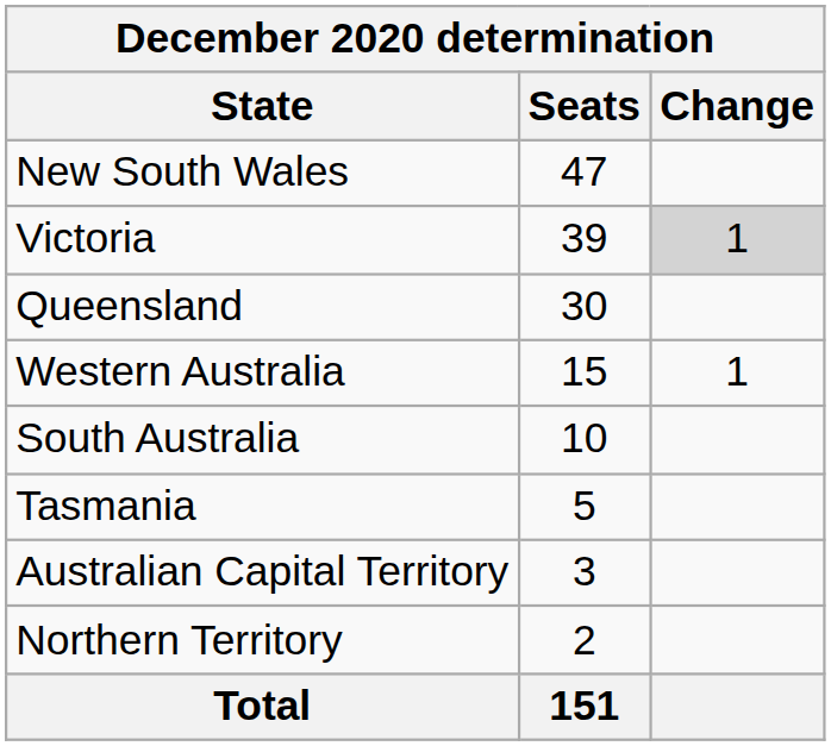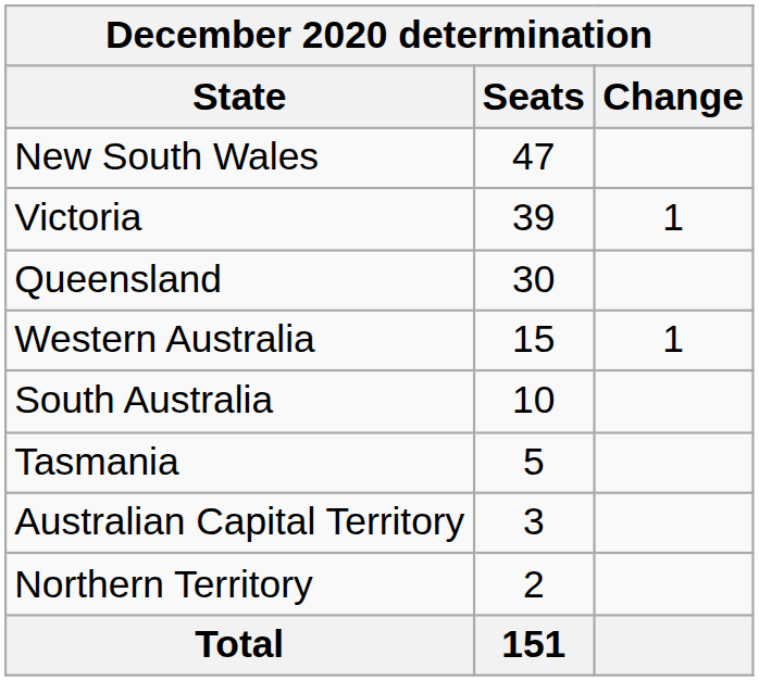 <table class="wikitable" style="align=center;">
 <tr>
 <th colspan=3>December 2020 determination</th>
 </tr>
 <tr>
 <th>State</th>
 <th>Seats</th>
 <th>Change</th>
 </tr>
 <tr>
 <td>New South Wales</td>
 <td align=center>47</td>
 <td align=center></td>
 </tr>
 <tr>
 <td>Victoria</td>
 <td align=center>39</td>
-<td align=center style="background: lightgrey;"> 1</td>
+<td align=center> 1</td>
 </tr>
 <tr>
 <td>Queensland</td>
 <td align=center>30</td>
 <td align=center></td>
 </tr>
 <tr>
 <td>Western Australia</td>
 <td align=center>15</td>
 <td align=center> 1</td>
 </tr>
 <tr>
 <td>South Australia</td>
 <td align=center>10</td>
 <td align=center></td>
 </tr>
 <tr>
 <td>Tasmania</td>
 <td align=center>5</td>
 <td align=center></td>
 </tr>
 <tr>
 <td>Australian Capital Territory</td>
 <td align=center>3</td>
 <td align=center></td>
 </tr>
 <tr>
 <td>Northern Territory</td>
 <td align=center>2</td>
 <td align=center></td>
 </tr>
 <tr>
 <th>Total</th>
 <th>151</th>
 <th></th>
 </tr>
 </table>
